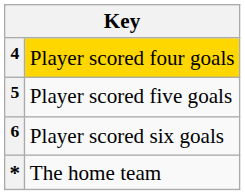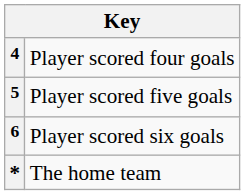 <table class="wikitable plainrowheaders">
 <tr>
 <th colspan="2" scope="col">Key</th>
 </tr>
 <tr>
 <th align="left" scope="row"><sup>4</sup></th>
-<td align="left" style="background: gold;">Player scored four goals</td>
+<td align="left">Player scored four goals</td>
 </tr>
 <tr>
 <th align="left" scope="row"><sup>5</sup></th>
 <td align="left">Player scored five goals</td>
 </tr>
 <tr>
 <th align="left" scope="row"><sup>6</sup></th>
 <td align="left">Player scored six goals</td>
 </tr>
 <tr>
 <th align="left" scope="row">*</th>
 <td align="left">The home team</td>
 </tr>
 </table>
